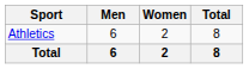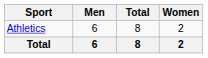 <table class="wikitable sortable" style="text-align:center;">
 <tr>
 <th width=100>Sport</th>
 <th width=60>Men</th>
+<th width=60>Total</th>
 <th width=60>Women</th>
-<th width=60>Total</th>
 </tr>
 <tr>
 <td align=left><a href='#'>Athletics</a></td>
 <td>6</td>
+<td>8</td>
 <td>2</td>
-<td>8</td>
 </tr>
 <tr>
 <th>Total</th>
 <th>6</th>
+<th>8</th>
 <th>2</th>
-<th>8</th>
 </tr>
 </table>
